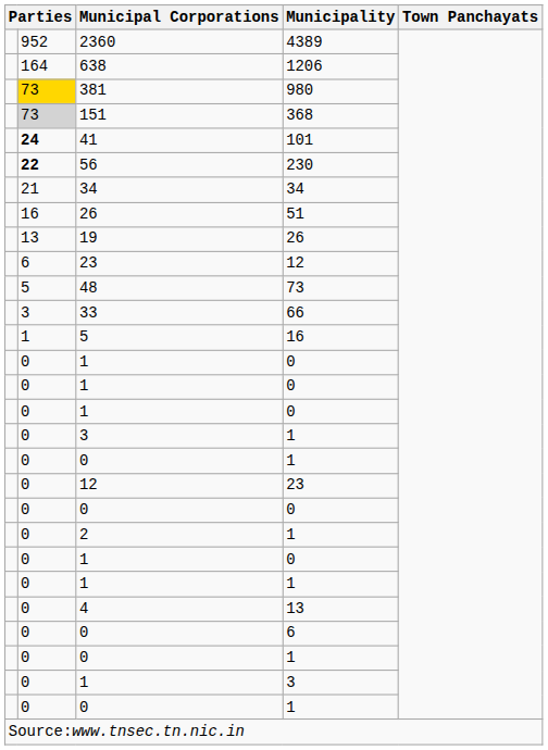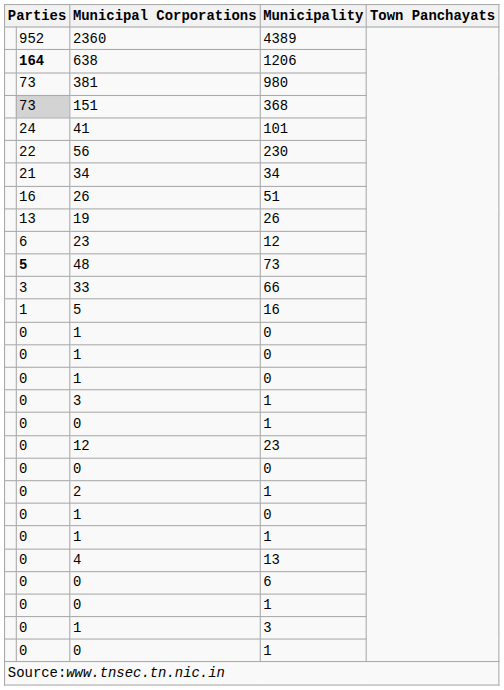 <table class="wikitable sortable">
 <tr>
 <th colspan="2">Parties</th>
 <th>Municipal Corporations</th>
 <th>Municipality</th>
 <th>Town Panchayats</th>
 </tr>
 <tr>
 <td></td>
 <td>952</td>
 <td>2360</td>
 <td>4389</td>
 </tr>
 <tr>
 <td></td>
-<td>164</td>
+<td><strong>164</strong></td>
 <td>638</td>
 <td>1206</td>
 </tr>
 <tr>
 <td></td>
-<td style="background: gold;">73</td>
+<td>73</td>
 <td>381</td>
 <td>980</td>
 </tr>
 <tr>
 <td></td>
 <td style="background: lightgrey;">73</td>
 <td>151</td>
 <td>368</td>
 </tr>
 <tr>
 <td></td>
-<td><strong>24</strong></td>
+<td>24</td>
 <td>41</td>
 <td>101</td>
 </tr>
 <tr>
 <td></td>
-<td><strong>22</strong></td>
+<td>22</td>
 <td>56</td>
 <td>230</td>
 </tr>
 <tr>
 <td></td>
 <td>21</td>
 <td>34</td>
 <td>34</td>
 </tr>
 <tr>
 <td></td>
 <td>16</td>
 <td>26</td>
 <td>51</td>
 </tr>
 <tr>
 <td></td>
 <td>13</td>
 <td>19</td>
 <td>26</td>
 </tr>
 <tr>
 <td></td>
 <td>6</td>
 <td>23</td>
 <td>12</td>
 </tr>
 <tr>
 <td></td>
-<td>5</td>
+<td><strong>5</strong></td>
 <td>48</td>
 <td>73</td>
 </tr>
 <tr>
 <td></td>
 <td>3</td>
 <td>33</td>
 <td>66</td>
 </tr>
 <tr>
 <td></td>
 <td>1</td>
 <td>5</td>
 <td>16</td>
 </tr>
 <tr>
 <td></td>
 <td>0</td>
 <td>1</td>
 <td>0</td>
 </tr>
 <tr>
 <td></td>
 <td>0</td>
 <td>1</td>
 <td>0</td>
 </tr>
 <tr>
 <td></td>
 <td>0</td>
 <td>1</td>
 <td>0</td>
 </tr>
 <tr>
 <td></td>
 <td>0</td>
 <td>3</td>
 <td>1</td>
 </tr>
 <tr>
 <td></td>
 <td>0</td>
 <td>0</td>
 <td>1</td>
 </tr>
 <tr>
 <td></td>
 <td>0</td>
 <td>12</td>
 <td>23</td>
 </tr>
 <tr>
 <td></td>
 <td>0</td>
 <td>0</td>
 <td>0</td>
 </tr>
 <tr>
 <td></td>
 <td>0</td>
 <td>2</td>
 <td>1</td>
 </tr>
 <tr>
 <td></td>
 <td>0</td>
 <td>1</td>
 <td>0</td>
 </tr>
 <tr>
 <td></td>
 <td>0</td>
 <td>1</td>
 <td>1</td>
 </tr>
 <tr>
 <td></td>
 <td>0</td>
 <td>4</td>
 <td>13</td>
 </tr>
 <tr>
 <td></td>
 <td>0</td>
 <td>0</td>
 <td>6</td>
 </tr>
 <tr>
 <td></td>
 <td>0</td>
 <td>0</td>
 <td>1</td>
 </tr>
 <tr>
 <td></td>
 <td>0</td>
 <td>1</td>
 <td>3</td>
 </tr>
 <tr>
 <td></td>
 <td>0</td>
 <td>0</td>
 <td>1</td>
 </tr>
 <tr class="sortbottom">
 <td colspan="5">Source:<em>www.tnsec.tn.nic.in</em></td>
 </tr>
 </table>
